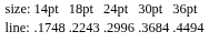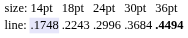 <table style="margin-left:40px;">
 <tr>
 <td>size:</td>
 <td>14pt</td>
 <td>18pt</td>
 <td>24pt</td>
 <td>30pt</td>
 <td>36pt</td>
 </tr>
 <tr>
 <td>line:</td>
-<td>.1748</td>
+<td style="background: lavender;">.1748</td>
 <td>.2243</td>
 <td>.2996</td>
 <td>.3684</td>
-<td>.4494</td>
+<td><strong>.4494</strong></td>
 </tr>
 </table>
